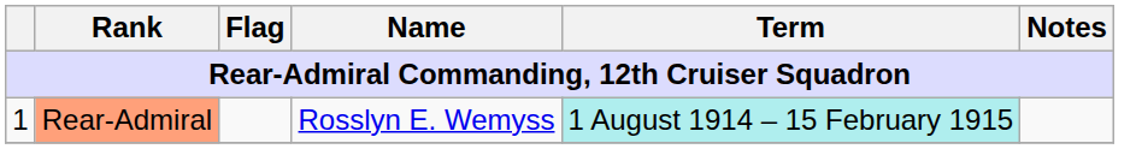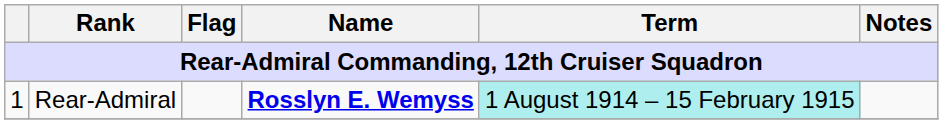 <table class="wikitable">
 <tr>
 <th></th>
 <th>Rank</th>
 <th>Flag</th>
 <th>Name</th>
 <th>Term</th>
 <th>Notes</th>
 </tr>
 <tr>
 <td colspan="6" align="center" style="background:#dcdcfe;"><strong>Rear-Admiral Commanding, 12th Cruiser Squadron</strong></td>
 </tr>
 <tr>
 <td>1</td>
-<td style="background: lightsalmon;">Rear-Admiral</td>
+<td>Rear-Admiral</td>
 <td></td>
-<td><a href='#'>Rosslyn E. Wemyss</a></td>
+<td><strong><a href='#'>Rosslyn E. Wemyss</a></strong></td>
 <td style="background: paleturquoise;">1 August 1914 – 15 February 1915</td>
 <td></td>
 </tr>
 <tr>
 </tr>
 </table>
